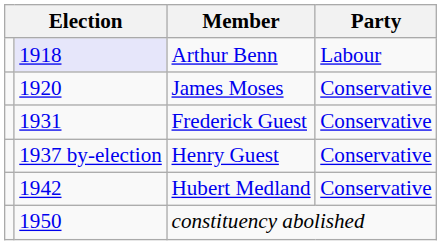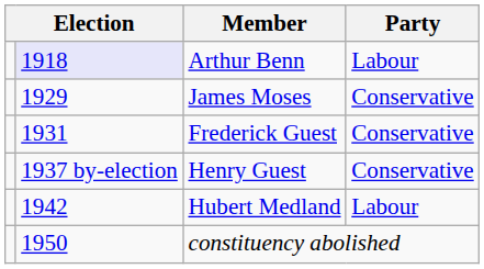 <table class="wikitable">
 <tr>
 <th colspan="2">Election</th>
 <th>Member</th>
 <th>Party</th>
 </tr>
 <tr>
 <td style="color:inherit;background-color: "></td>
 <td style="background: lavender;"><a href='#'>1918</a></td>
 <td><a href='#'>Arthur Benn</a></td>
 <td><a href='#'>Labour</a></td>
 </tr>
 <tr>
 <td style="color:inherit;background-color: "></td>
-<td><a href='#'>1920</a></td>
+<td><a href='#'>1929</a></td>
 <td><a href='#'>James Moses</a></td>
 <td><a href='#'>Conservative</a></td>
 </tr>
 <tr>
 <td style="color:inherit;background-color: "></td>
 <td><a href='#'>1931</a></td>
 <td><a href='#'>Frederick Guest</a></td>
 <td><a href='#'>Conservative</a></td>
 </tr>
 <tr>
 <td style="color:inherit;background-color: "></td>
 <td><a href='#'>1937 by-election</a></td>
 <td><a href='#'>Henry Guest</a></td>
 <td><a href='#'>Conservative</a></td>
 </tr>
 <tr>
 <td style="color:inherit;background-color: "></td>
 <td><a href='#'>1942</a></td>
 <td><a href='#'>Hubert Medland</a></td>
-<td><a href='#'>Conservative</a></td>
+<td><a href='#'>Labour</a></td>
 </tr>
 <tr>
 <td></td>
 <td><a href='#'>1950</a></td>
 <td colspan="2"><em>constituency abolished</em></td>
 </tr>
 </table>
